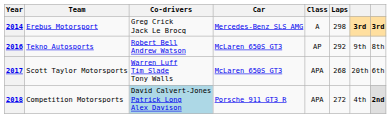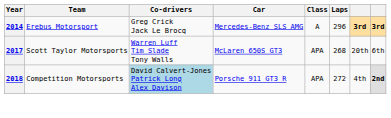 <table class="wikitable" style="font-size:90%; text-align:center">
 <tr>
 <th>Year</th>
 <th>Team</th>
 <th>Co-drivers</th>
 <th>Car</th>
 <th>Class</th>
 <th>Laps</th>
 <th></th>
 <th></th>
 </tr>
 <tr style="text-align:center;">
 <th><a href='#'>2014</a></th>
 <td align="left"> <a href='#'>Erebus Motorsport</a></td>
 <td align="left"> Greg Crick<br> Jack Le Brocq</td>
 <td align="left"><a href='#'>Mercedes-Benz SLS AMG</a></td>
 <td>A</td>
-<td>298</td>
+<td>296</td>
 <td style="background:#ffdf9f"><strong>3rd</strong></td>
 <td style="background:#ffdf9f"><strong>3rd</strong></td>
-</tr>
-<tr style="text-align:center;">
-<th><a href='#'>2016</a></th>
-<td align="left"> <a href='#'>Tekno Autosports</a></td>
-<td align="left"> <a href='#'>Robert Bell</a><br> <a href='#'>Andrew Watson</a></td>
-<td align="left"><a href='#'>McLaren 650S GT3</a></td>
-<td>AP</td>
-<td>292</td>
-<td>9th</td>
-<td>8th</td>
 </tr>
 <tr style="text-align:center;">
 <th><a href='#'>2017</a></th>
 <td align="left"> Scott Taylor Motorsports</td>
 <td align="left"> <a href='#'>Warren Luff</a><br> <a href='#'>Tim Slade</a><br> Tony Walls</td>
 <td align="left"><a href='#'>McLaren 650S GT3</a></td>
 <td>APA</td>
 <td>268</td>
 <td>20th</td>
 <td>6th</td>
 </tr>
 <tr style="text-align:center;">
 <th><a href='#'>2018</a></th>
 <td align="left"> Competition Motorsports</td>
 <td align="left" style="background: lightblue;"> David Calvert-Jones<br> <a href='#'>Patrick Long</a><br> <a href='#'>Alex Davison</a></td>
 <td align="left"><a href='#'>Porsche 911 GT3 R</a></td>
 <td>APA</td>
 <td>272</td>
 <td>4th</td>
 <td style="background:#dfdfdf;"><strong>2nd</strong></td>
 </tr>
 </table>
